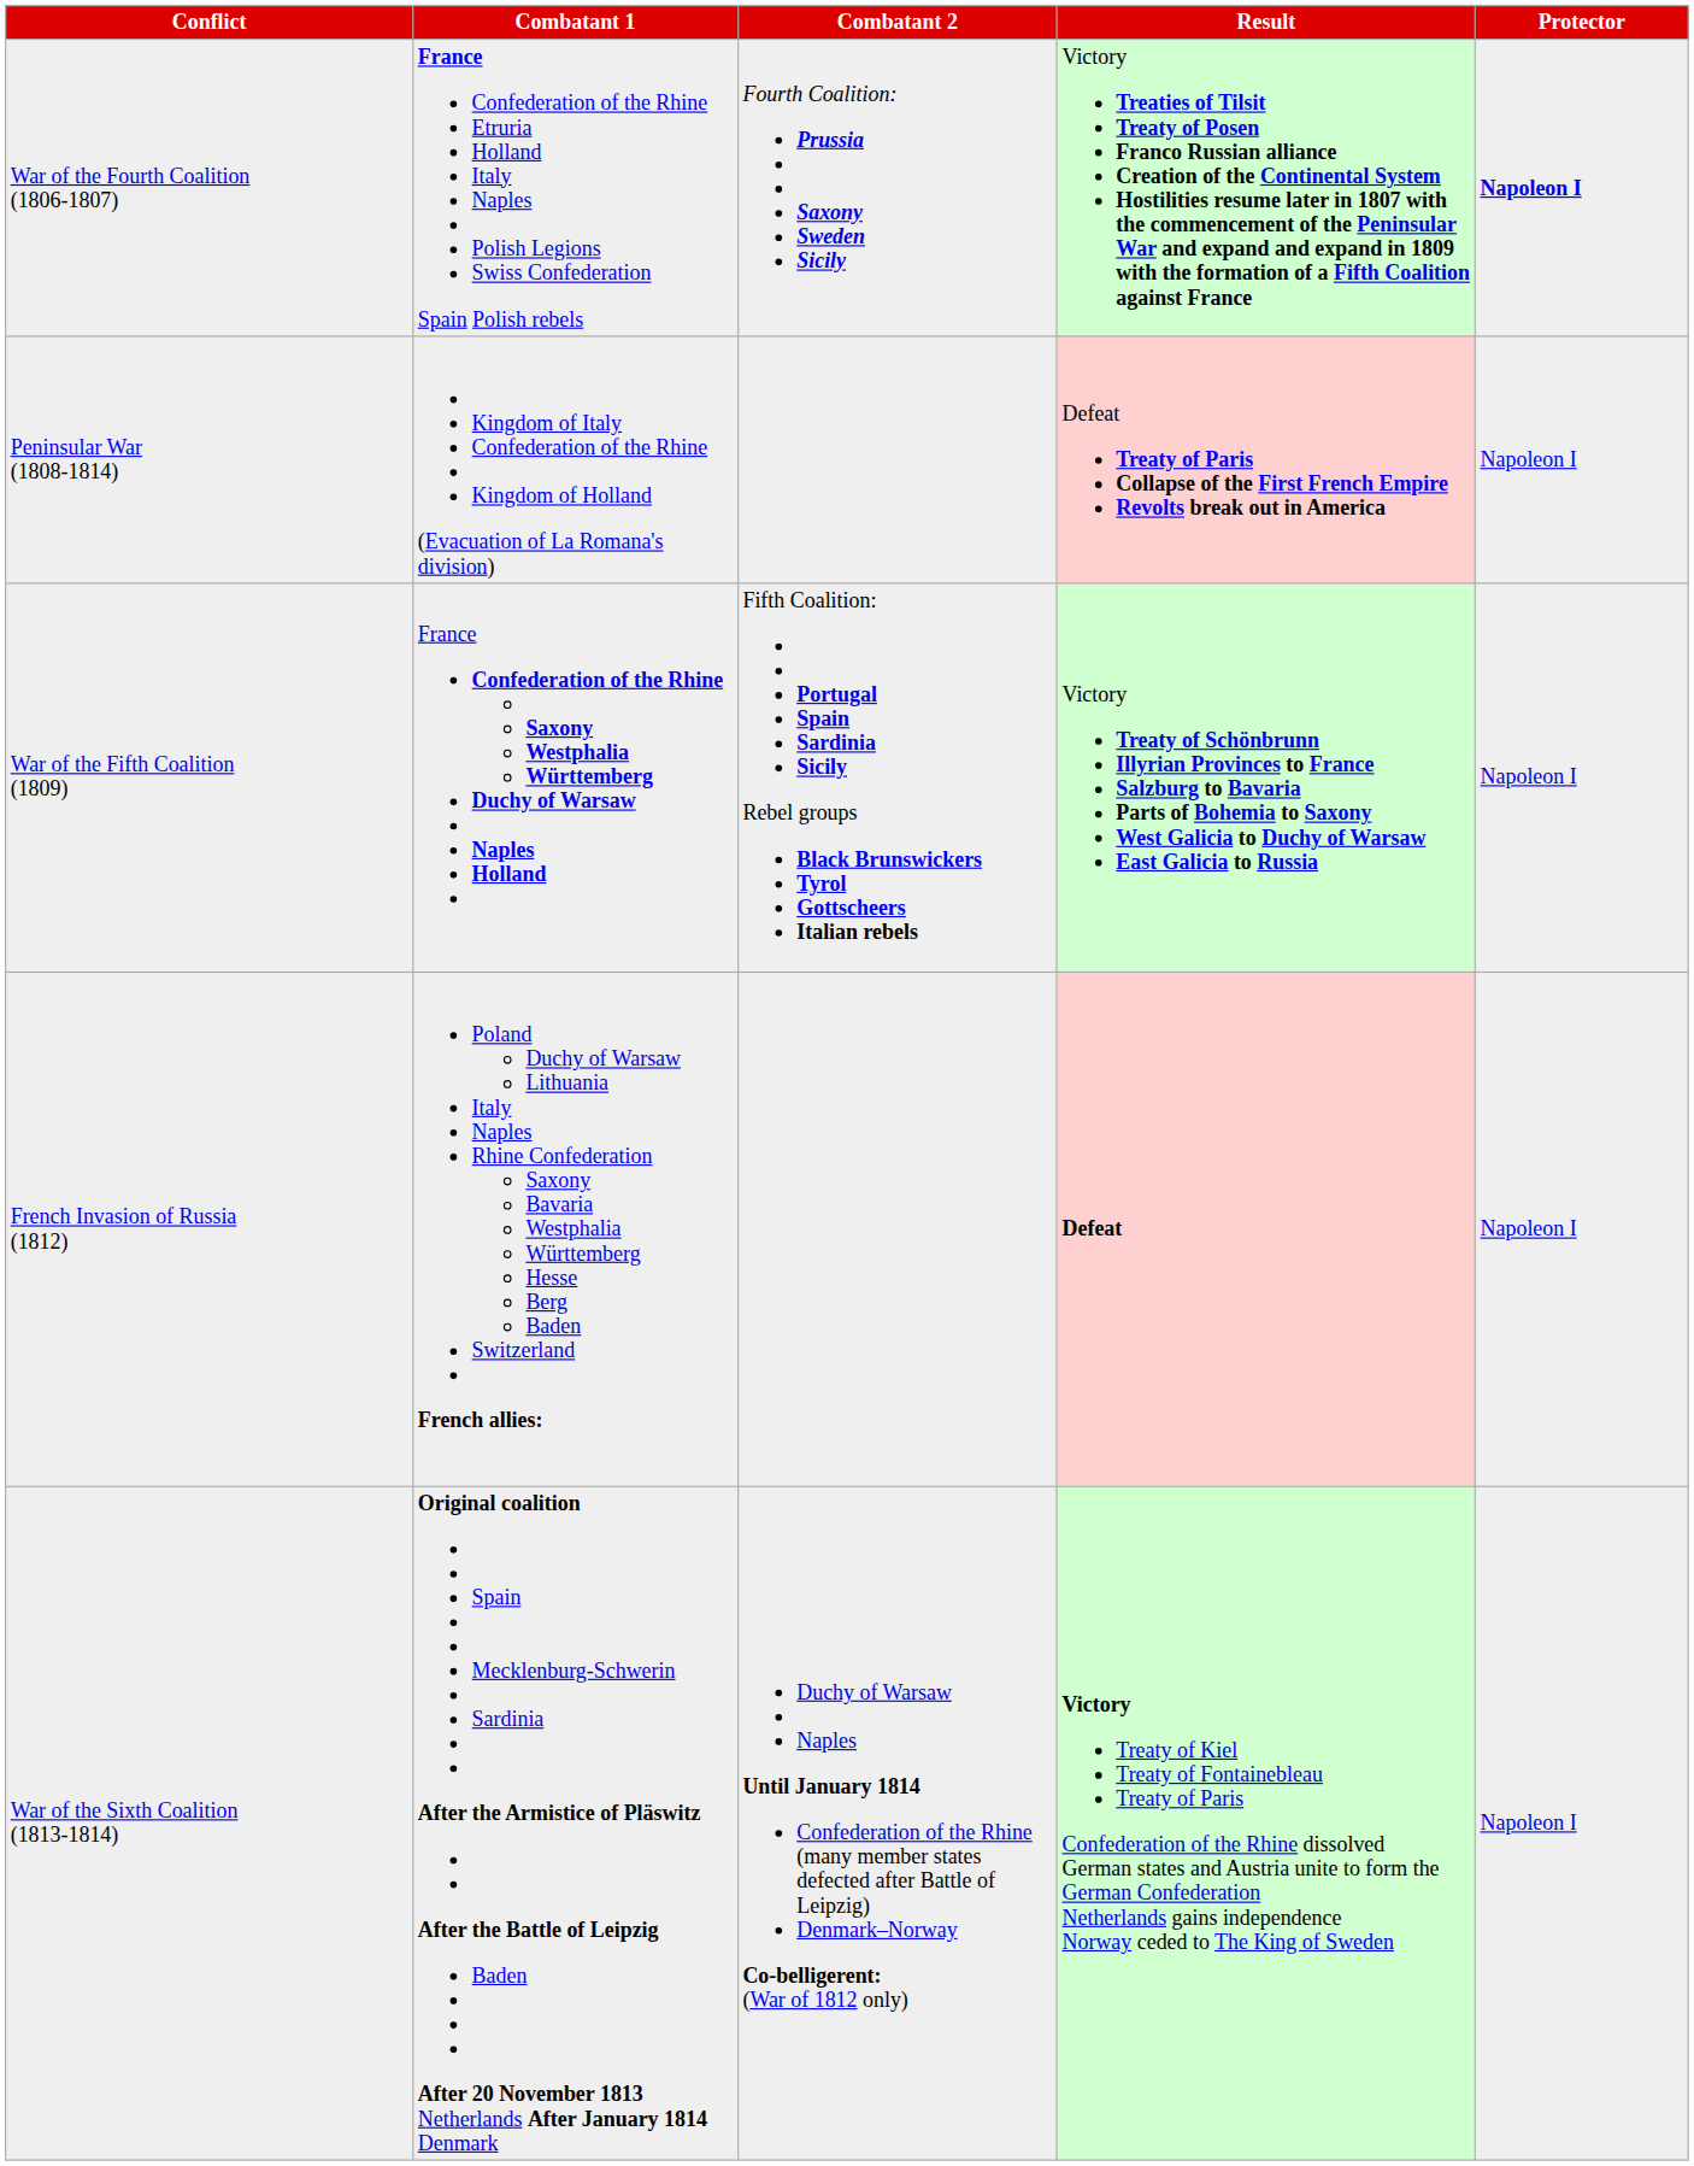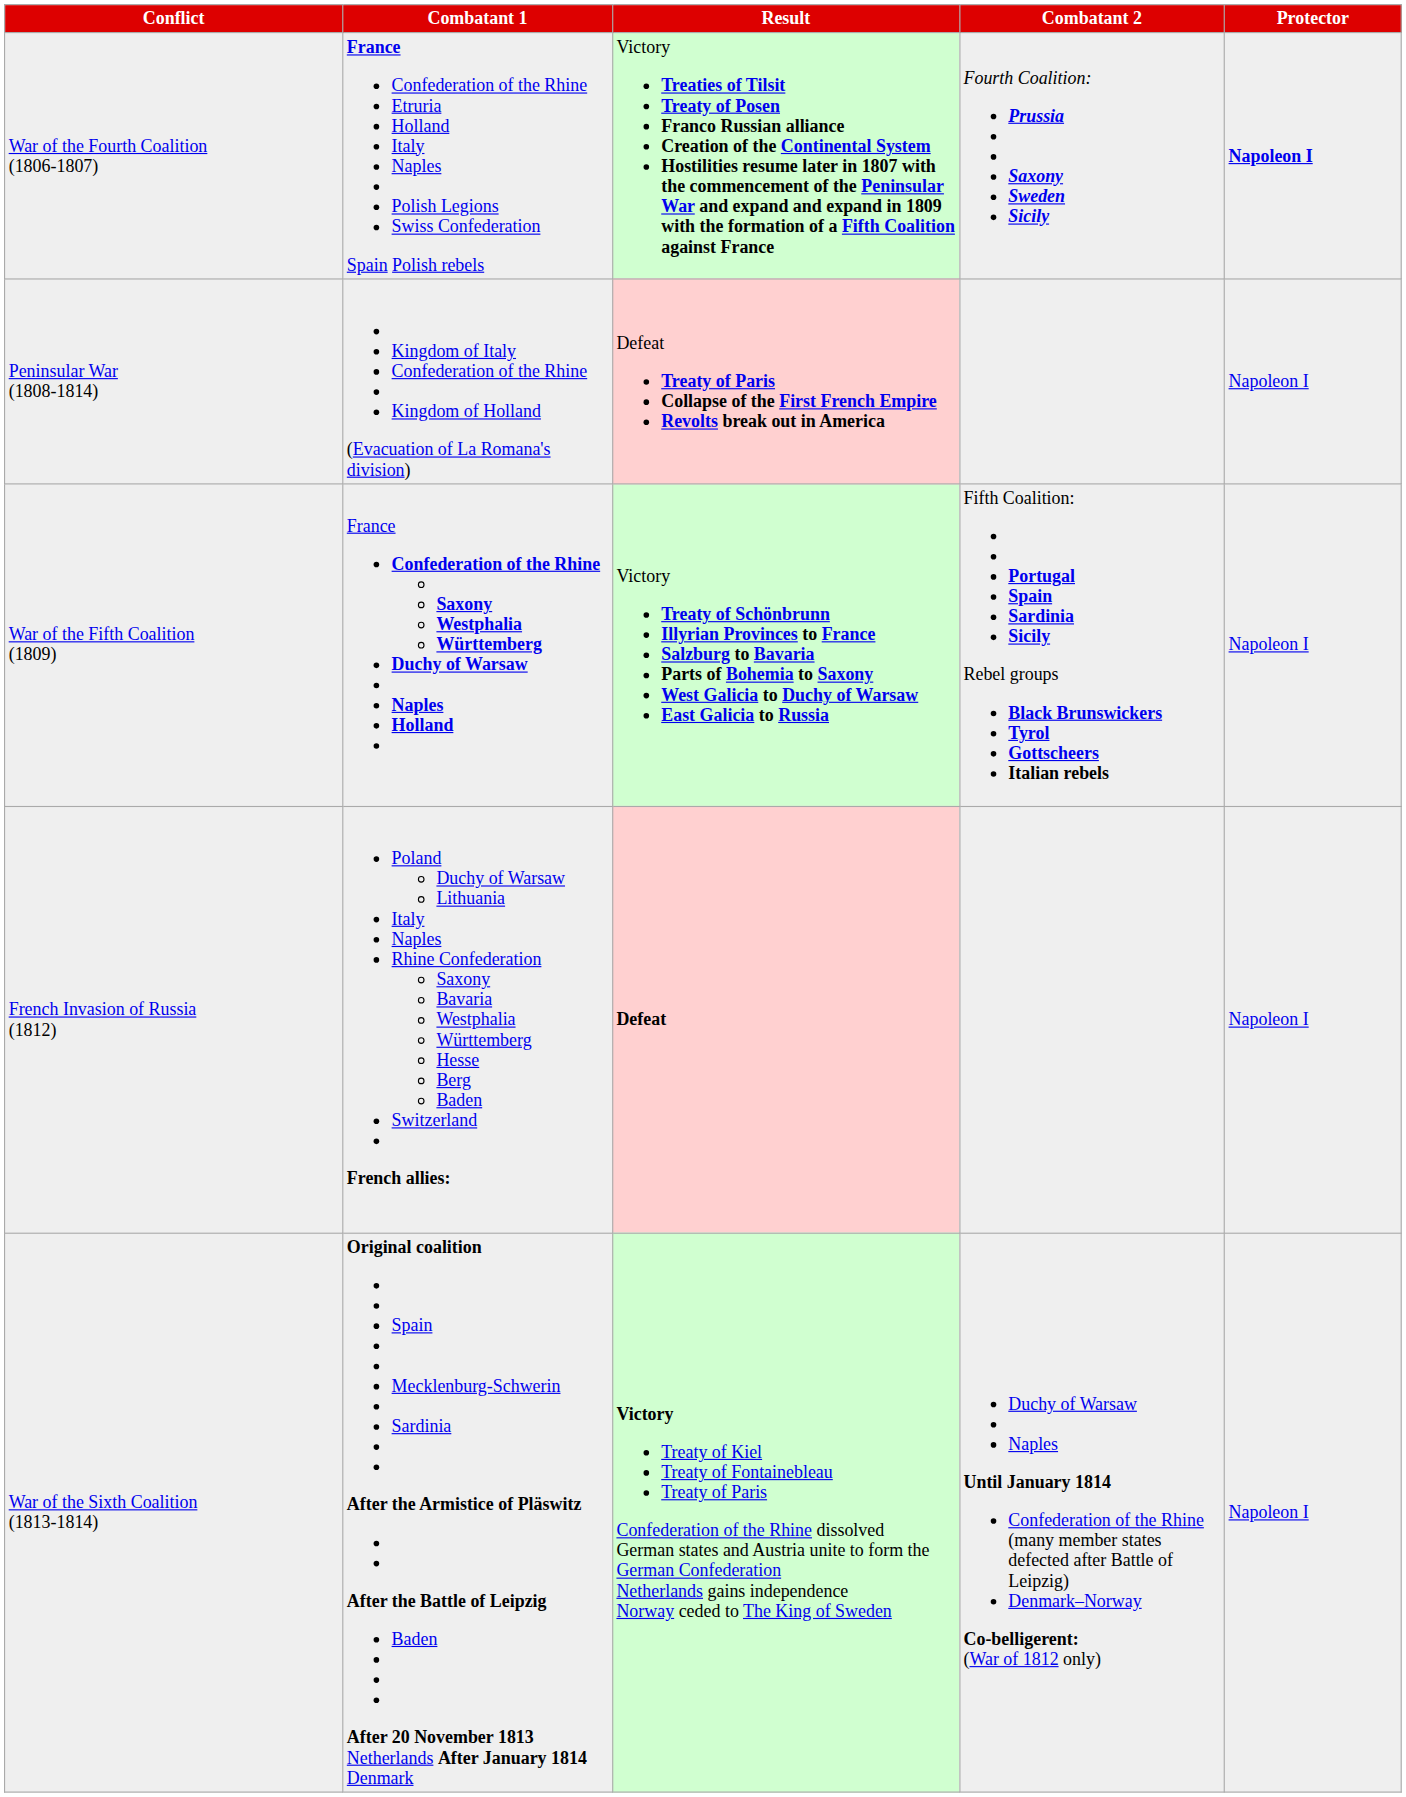 <table class="wikitable">
 <tr>
 <th style="background:#DD0000; width:20em; color:white;">Conflict</th>
 <th style="background:#DD0000; width:15em; color:white;">Combatant 1</th>
+<th style="background:#DD0000; width:20em; color:white;">Result</th>
 <th style="background:#DD0000; width:15em; color:white;">Combatant 2</th>
-<th style="background:#DD0000; width:20em; color:white;">Result</th>
 <th style="background:#DD0000; width:10em; color:white;">Protector</th>
 </tr>
 <tr>
 <td style="background:#efefef"><a href='#'>War of the Fourth Coalition</a><br>(1806-1807)</td>
 <td style="background:#efefef"> <strong><a href='#'>France</a></strong><br><ul><li><a href='#'>Confederation of the Rhine</a></li><li> <a href='#'>Etruria</a></li><li> <a href='#'>Holland</a></li><li> <a href='#'>Italy</a></li><li> <a href='#'>Naples</a></li><li><br></li><li> <a href='#'>Polish Legions</a></li><li> <a href='#'>Swiss Confederation</a></li></ul> <a href='#'>Spain</a> <a href='#'>Polish rebels</a></td>
+<td style="background:#D0FFD0"></strong>Victory<strong><br><ul><li><a href='#'>Treaties of Tilsit</a></li><li><a href='#'>Treaty of Posen</a></li><li>Franco Russian alliance</li><li>Creation of the <a href='#'>Continental System</a></li><li>Hostilities resume later in 1807 with the commencement of the <a href='#'>Peninsular War</a> and expand and expand in 1809 with the formation of a <a href='#'>Fifth Coalition</a> against France</li></ul></td>
 <td style="background:#efefef"><em>Fourth Coalition:<strong><br><ul><li> <a href='#'>Prussia</a></li><li></li><li></li><li> <a href='#'>Saxony</a><br></li><li> <a href='#'>Sweden</a></li><li> <a href='#'>Sicily</a></li></ul></td>
-<td style="background:#D0FFD0"></strong>Victory<strong><br><ul><li><a href='#'>Treaties of Tilsit</a></li><li><a href='#'>Treaty of Posen</a></li><li>Franco Russian alliance</li><li>Creation of the <a href='#'>Continental System</a></li><li>Hostilities resume later in 1807 with the commencement of the <a href='#'>Peninsular War</a> and expand and expand in 1809 with the formation of a <a href='#'>Fifth Coalition</a> against France</li></ul></td>
 <td style="background:#efefef"><strong><a href='#'>Napoleon I</a></strong></td>
 </tr>
 <tr>
 <td style="background:#efefef"><a href='#'>Peninsular War</a><br>(1808-1814)</td>
 <td style="background:#efefef"><br><ul><li></li><li> <a href='#'>Kingdom of Italy</a></li><li><a href='#'>Confederation of the Rhine</a></li><li></li><li> <a href='#'>Kingdom of Holland</a></li></ul> (<a href='#'>Evacuation of La Romana's division</a>)</td>
+<td style="background:#FFD0D0"><br></strong>Defeat<strong><ul><li><a href='#'>Treaty of Paris</a></li><li>Collapse of the <a href='#'>First French Empire</a></li><li><a href='#'>Revolts</a> break out in America</li></ul></td>
 <td style="background:#efefef"></td>
-<td style="background:#FFD0D0"><br></strong>Defeat<strong><ul><li><a href='#'>Treaty of Paris</a></li><li>Collapse of the <a href='#'>First French Empire</a></li><li><a href='#'>Revolts</a> break out in America</li></ul></td>
 <td style="background:#efefef"><a href='#'>Napoleon I</a></td>
 </tr>
 <tr>
 <td style="background:#efefef"><a href='#'>War of the Fifth Coalition</a><br>(1809)</td>
 <td style="background:#efefef"> </strong><a href='#'>France</a><strong><br><ul><li><a href='#'>Confederation of the Rhine</a><ul><li></li><li> <a href='#'>Saxony</a></li><li> <a href='#'>Westphalia</a></li><li> <a href='#'>Württemberg</a></li></ul></li><li> <a href='#'>Duchy of Warsaw</a></li><li></li><li> <a href='#'>Naples</a></li><li> <a href='#'>Holland</a></li><li></li></ul></td>
+<td style="background:#D0FFD0"><br></strong>Victory<strong><ul><li><a href='#'>Treaty of Schönbrunn</a></li><li><a href='#'>Illyrian Provinces</a> to <a href='#'>France</a></li><li><a href='#'>Salzburg</a> to <a href='#'>Bavaria</a></li><li>Parts of <a href='#'>Bohemia</a> to <a href='#'>Saxony</a></li><li><a href='#'>West Galicia</a> to <a href='#'>Duchy of Warsaw</a></li><li><a href='#'>East Galicia</a> to <a href='#'>Russia</a></li></ul></td>
 <td style="background:#efefef"></strong>Fifth Coalition:<strong><br><ul><li></li><li></li><li> <a href='#'>Portugal</a></li><li> <a href='#'>Spain</a></li><li> <a href='#'>Sardinia</a></li><li> <a href='#'>Sicily</a></li></ul></strong>Rebel groups<strong><ul><li> <a href='#'>Black Brunswickers</a></li><li> <a href='#'>Tyrol</a></li><li> <a href='#'>Gottscheers</a></li><li>Italian rebels</li></ul></td>
-<td style="background:#D0FFD0"><br></strong>Victory<strong><ul><li><a href='#'>Treaty of Schönbrunn</a></li><li><a href='#'>Illyrian Provinces</a> to <a href='#'>France</a></li><li><a href='#'>Salzburg</a> to <a href='#'>Bavaria</a></li><li>Parts of <a href='#'>Bohemia</a> to <a href='#'>Saxony</a></li><li><a href='#'>West Galicia</a> to <a href='#'>Duchy of Warsaw</a></li><li><a href='#'>East Galicia</a> to <a href='#'>Russia</a></li></ul></td>
 <td style="background:#efefef"><a href='#'>Napoleon I</a></td>
 </tr>
 <tr>
 <td style="background:#efefef"><a href='#'>French Invasion of Russia</a><br>(1812)</td>
 <td style="background:#efefef"></em></strong><br><ul><li><a href='#'>Poland</a><ul><li><a href='#'>Duchy of Warsaw</a></li><li><a href='#'>Lithuania</a></li></ul></li><li> <a href='#'>Italy</a></li><li> <a href='#'>Naples</a></li><li><a href='#'>Rhine Confederation</a><ul><li> <a href='#'>Saxony</a></li><li> <a href='#'>Bavaria</a></li><li> <a href='#'>Westphalia</a></li><li> <a href='#'>Württemberg</a></li><li> <a href='#'>Hesse</a></li><li> <a href='#'>Berg</a></li><li> <a href='#'>Baden</a></li></ul></li><li> <a href='#'>Switzerland</a></li><li></li></ul><strong>French allies:</strong><br><br><br></td>
+<td style="background:#FFD0D0"><strong>Defeat</strong></td>
 <td style="background:#efefef"><strong></strong></td>
-<td style="background:#FFD0D0"><strong>Defeat</strong></td>
 <td style="background:#efefef"><a href='#'>Napoleon I</a></td>
 </tr>
 <tr>
 <td style="background:#efefef"><a href='#'>War of the Sixth Coalition</a><br>(1813-1814)</td>
 <td style="background:#efefef"><strong>Original coalition</strong> <br><ul><li></li><li></li><li> <a href='#'>Spain</a></li><li></li><li></li><li> <a href='#'>Mecklenburg-Schwerin</a></li><li></li><li> <a href='#'>Sardinia</a></li><li></li><li></li></ul> <strong>After the Armistice of Pläswitz</strong> <ul><li></li><li></li></ul> <strong>After the Battle of Leipzig</strong> <ul><li> <a href='#'>Baden</a></li><li></li><li></li><li></li></ul> <strong>After 20 November 1813</strong>   <a href='#'>Netherlands</a>  <strong>After January 1814</strong>   <a href='#'>Denmark</a> </td>
+<td style="background:#D0FFD0"><strong>Victory</strong><br><ul><li><a href='#'>Treaty of Kiel</a></li><li><a href='#'>Treaty of Fontainebleau</a></li><li><a href='#'>Treaty of Paris</a></li></ul><a href='#'>Confederation of the Rhine</a> dissolved<br>German states and Austria unite to form the <a href='#'>German Confederation</a><br><a href='#'>Netherlands</a> gains independence<br><a href='#'>Norway</a> ceded to <a href='#'>The King of Sweden</a></td>
 <td style="background:#efefef"><br><ul><li> <a href='#'>Duchy of Warsaw</a></li><li></li><li> <a href='#'>Naples</a></li></ul><strong>Until January 1814</strong> <ul><li><a href='#'>Confederation of the Rhine</a> (many member states defected after Battle of Leipzig)</li><li> <a href='#'>Denmark–Norway</a></li></ul><strong>Co-belligerent:</strong><br> (<a href='#'>War of 1812</a> only) </td>
-<td style="background:#D0FFD0"><strong>Victory</strong><br><ul><li><a href='#'>Treaty of Kiel</a></li><li><a href='#'>Treaty of Fontainebleau</a></li><li><a href='#'>Treaty of Paris</a></li></ul><a href='#'>Confederation of the Rhine</a> dissolved<br>German states and Austria unite to form the <a href='#'>German Confederation</a><br><a href='#'>Netherlands</a> gains independence<br><a href='#'>Norway</a> ceded to <a href='#'>The King of Sweden</a></td>
 <td style="background:#efefef"><a href='#'>Napoleon I</a></td>
 </tr>
 </table>
